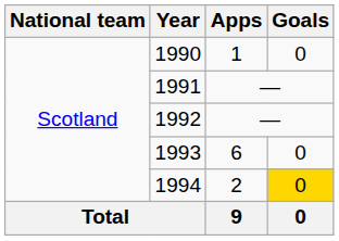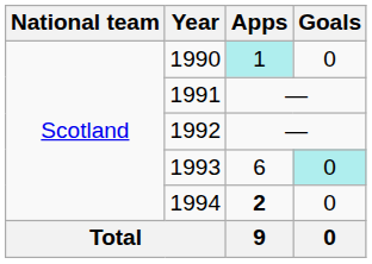 <table class="wikitable" style="text-align:center">
 <tr>
 <th>National team</th>
 <th>Year</th>
 <th>Apps</th>
 <th>Goals</th>
 </tr>
 <tr>
 <td rowspan=5><a href='#'>Scotland</a></td>
 <td>1990</td>
-<td>1</td>
+<td style="background: paleturquoise;">1</td>
 <td>0</td>
 </tr>
 <tr>
 <td>1991</td>
 <td colspan="2">—</td>
 </tr>
 <tr>
 <td>1992</td>
 <td colspan="2">—</td>
 </tr>
 <tr>
 <td>1993</td>
 <td>6</td>
-<td>0</td>
+<td style="background: paleturquoise;">0</td>
 </tr>
 <tr>
 <td>1994</td>
-<td>2</td>
-<td style="background: gold;">0</td>
+<td><strong>2</strong></td>
+<td>0</td>
 </tr>
 <tr>
 <th colspan=2>Total</th>
 <th>9</th>
 <th>0</th>
 </tr>
 </table>
